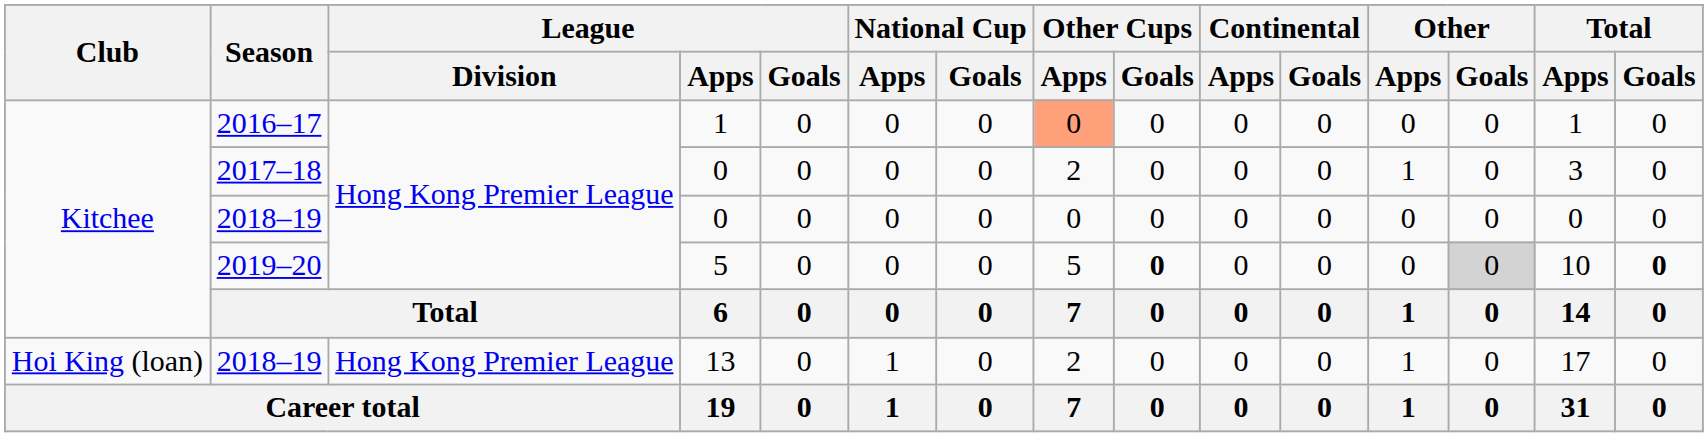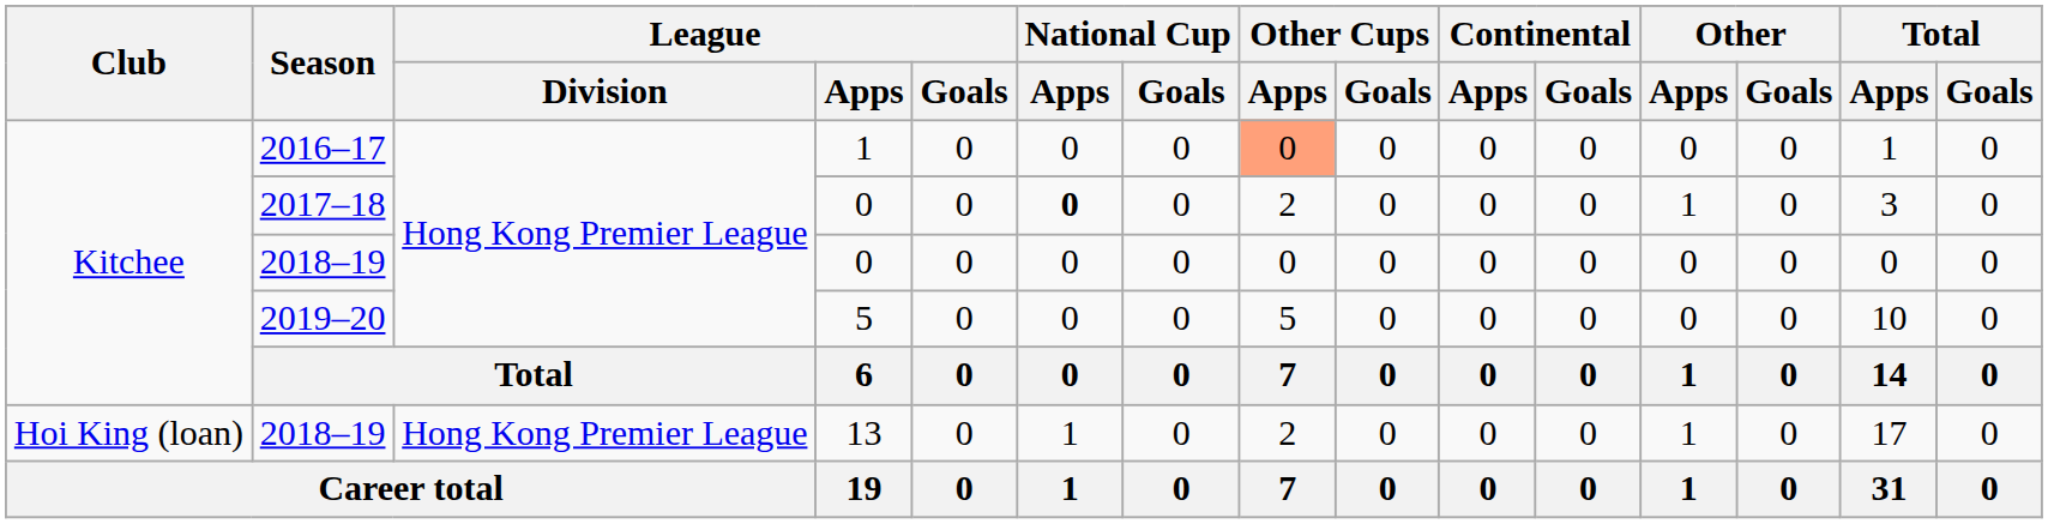 <table class="wikitable" style="text-align: center">
 <tr>
 <th rowspan="2">Club</th>
 <th rowspan="2">Season</th>
 <th colspan="3">League</th>
 <th colspan="2">National Cup</th>
 <th colspan="2">Other Cups</th>
 <th colspan="2">Continental</th>
 <th colspan="2">Other</th>
 <th colspan="2">Total</th>
 </tr>
 <tr>
 <th>Division</th>
 <th>Apps</th>
 <th>Goals</th>
 <th>Apps</th>
 <th>Goals</th>
 <th>Apps</th>
 <th>Goals</th>
 <th>Apps</th>
 <th>Goals</th>
 <th>Apps</th>
 <th>Goals</th>
 <th>Apps</th>
 <th>Goals</th>
 </tr>
 <tr>
 <td rowspan="5"><a href='#'>Kitchee</a></td>
 <td><a href='#'>2016–17</a></td>
 <td rowspan="4"><a href='#'>Hong Kong Premier League</a></td>
 <td>1</td>
 <td>0</td>
 <td>0</td>
 <td>0</td>
 <td style="background: lightsalmon;">0</td>
 <td>0</td>
 <td>0</td>
 <td>0</td>
 <td>0</td>
 <td>0</td>
 <td>1</td>
 <td>0</td>
 </tr>
 <tr>
 <td><a href='#'>2017–18</a></td>
 <td>0</td>
 <td>0</td>
-<td>0</td>
+<td><strong>0</strong></td>
 <td>0</td>
 <td>2</td>
 <td>0</td>
 <td>0</td>
 <td>0</td>
 <td>1</td>
 <td>0</td>
 <td>3</td>
 <td>0</td>
 </tr>
 <tr>
 <td><a href='#'>2018–19</a></td>
 <td>0</td>
 <td>0</td>
 <td>0</td>
 <td>0</td>
 <td>0</td>
 <td>0</td>
 <td>0</td>
 <td>0</td>
 <td>0</td>
 <td>0</td>
 <td>0</td>
 <td>0</td>
 </tr>
 <tr>
 <td><a href='#'>2019–20</a></td>
 <td>5</td>
 <td>0</td>
 <td>0</td>
 <td>0</td>
 <td>5</td>
-<td><strong>0</strong></td>
 <td>0</td>
 <td>0</td>
 <td>0</td>
-<td style="background: lightgrey;">0</td>
+<td>0</td>
+<td>0</td>
 <td>10</td>
-<td><strong>0</strong></td>
+<td>0</td>
 </tr>
 <tr>
 <th colspan=2>Total</th>
 <th>6</th>
 <th>0</th>
 <th>0</th>
 <th>0</th>
 <th>7</th>
 <th>0</th>
 <th>0</th>
 <th>0</th>
 <th>1</th>
 <th>0</th>
 <th>14</th>
 <th>0</th>
 </tr>
 <tr>
 <td><a href='#'>Hoi King</a> (loan)</td>
 <td><a href='#'>2018–19</a></td>
 <td><a href='#'>Hong Kong Premier League</a></td>
 <td>13</td>
 <td>0</td>
 <td>1</td>
 <td>0</td>
 <td>2</td>
 <td>0</td>
 <td>0</td>
 <td>0</td>
 <td>1</td>
 <td>0</td>
 <td>17</td>
 <td>0</td>
 </tr>
 <tr>
 <th colspan=3>Career total</th>
 <th>19</th>
 <th>0</th>
 <th>1</th>
 <th>0</th>
 <th>7</th>
 <th>0</th>
 <th>0</th>
 <th>0</th>
 <th>1</th>
 <th>0</th>
 <th>31</th>
 <th>0</th>
 </tr>
 </table>
